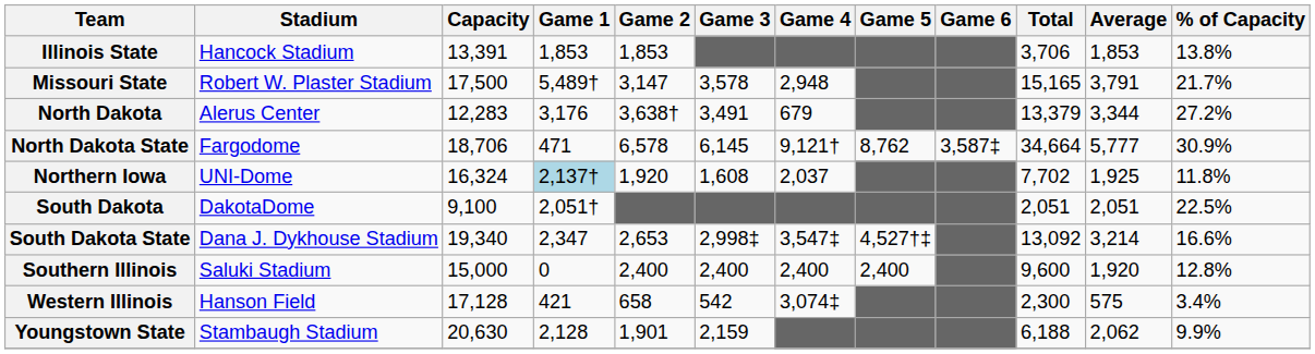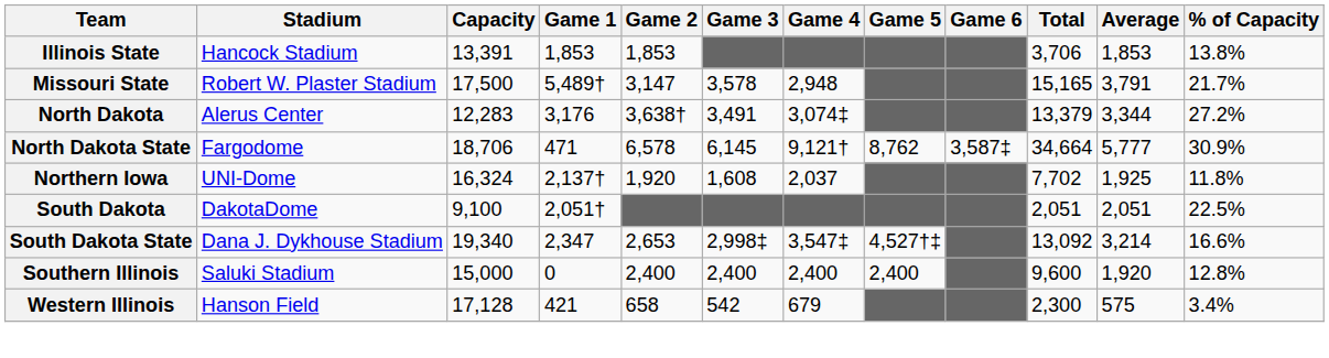 <table class="wikitable sortable">
 <tr>
 <th>Team</th>
 <th>Stadium</th>
 <th>Capacity</th>
 <th>Game 1</th>
 <th>Game 2</th>
 <th>Game 3</th>
 <th>Game 4</th>
 <th>Game 5</th>
 <th>Game 6</th>
 <th>Total</th>
 <th>Average</th>
 <th>% of Capacity</th>
 </tr>
 <tr>
 <th>Illinois State</th>
 <td><a href='#'>Hancock Stadium</a></td>
 <td>13,391</td>
 <td>1,853</td>
 <td>1,853</td>
 <td style="background:#666666;"></td>
 <td style="background:#666666;"></td>
 <td style="background:#666666;"></td>
 <td style="background:#666666;"></td>
 <td>3,706</td>
 <td>1,853</td>
 <td>13.8%</td>
 </tr>
 <tr>
 <th>Missouri State</th>
 <td><a href='#'>Robert W. Plaster Stadium</a></td>
 <td>17,500</td>
 <td>5,489†</td>
 <td>3,147</td>
 <td>3,578</td>
 <td>2,948</td>
 <td style="background:#666666;"></td>
 <td style="background:#666666;"></td>
 <td>15,165</td>
 <td>3,791</td>
 <td>21.7%</td>
 </tr>
 <tr>
 <th>North Dakota</th>
 <td><a href='#'>Alerus Center</a></td>
 <td>12,283</td>
 <td>3,176</td>
 <td>3,638†</td>
 <td>3,491</td>
-<td>679</td>
+<td>3,074‡</td>
 <td style="background:#666666;"></td>
 <td style="background:#666666;"></td>
 <td>13,379</td>
 <td>3,344</td>
 <td>27.2%</td>
 </tr>
 <tr>
 <th>North Dakota State</th>
 <td><a href='#'>Fargodome</a></td>
 <td>18,706</td>
 <td>471</td>
 <td>6,578</td>
 <td>6,145</td>
 <td>9,121†</td>
 <td>8,762</td>
 <td>3,587‡</td>
 <td>34,664</td>
 <td>5,777</td>
 <td>30.9%</td>
 </tr>
 <tr>
 <th>Northern Iowa</th>
 <td><a href='#'>UNI-Dome</a></td>
 <td>16,324</td>
-<td style="background: lightblue;">2,137†</td>
+<td>2,137†</td>
 <td>1,920</td>
 <td>1,608</td>
 <td>2,037</td>
 <td style="background:#666666;"></td>
 <td style="background:#666666;"></td>
 <td>7,702</td>
 <td>1,925</td>
 <td>11.8%</td>
 </tr>
 <tr>
 <th>South Dakota</th>
 <td><a href='#'>DakotaDome</a></td>
 <td>9,100</td>
 <td>2,051†</td>
 <td style="background:#666666;"></td>
 <td style="background:#666666;"></td>
 <td style="background:#666666;"></td>
 <td style="background:#666666;"></td>
 <td style="background:#666666;"></td>
 <td>2,051</td>
 <td>2,051</td>
 <td>22.5%</td>
 </tr>
 <tr>
 <th>South Dakota State</th>
 <td><a href='#'>Dana J. Dykhouse Stadium</a></td>
 <td>19,340</td>
 <td>2,347</td>
 <td>2,653</td>
 <td>2,998‡</td>
 <td>3,547‡</td>
 <td>4,527†‡</td>
 <td style="background:#666666;"></td>
 <td>13,092</td>
 <td>3,214</td>
 <td>16.6%</td>
 </tr>
 <tr>
 <th>Southern Illinois</th>
 <td><a href='#'>Saluki Stadium</a></td>
 <td>15,000</td>
 <td>0</td>
 <td>2,400</td>
 <td>2,400</td>
 <td>2,400</td>
 <td>2,400</td>
 <td style="background:#666666;"></td>
 <td>9,600</td>
 <td>1,920</td>
 <td>12.8%</td>
 </tr>
 <tr>
 <th>Western Illinois</th>
 <td><a href='#'>Hanson Field</a></td>
 <td>17,128</td>
 <td>421</td>
 <td>658</td>
 <td>542</td>
-<td>3,074‡</td>
+<td>679</td>
 <td style="background:#666666;"></td>
 <td style="background:#666666;"></td>
 <td>2,300</td>
 <td>575</td>
 <td>3.4%</td>
 </tr>
 <tr>
-<th>Youngstown State</th>
-<td><a href='#'>Stambaugh Stadium</a></td>
-<td>20,630</td>
-<td>2,128</td>
-<td>1,901</td>
-<td>2,159</td>
-<td style="background:#666666;"></td>
-<td style="background:#666666;"></td>
-<td style="background:#666666;"></td>
-<td>6,188</td>
-<td>2,062</td>
-<td>9.9%</td>
-</tr>
-<tr>
 </tr>
 </table>
